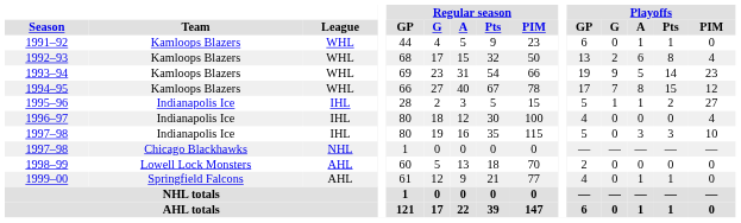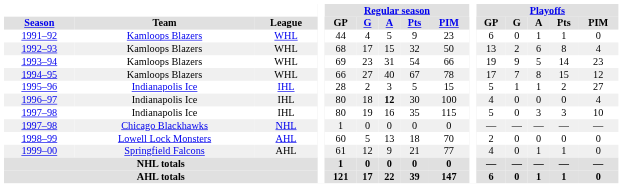 <table border="0" cellpadding="1" cellspacing="0" style="text-align:center; width:60em;">
 <tr bgcolor="#e0e0e0">
 <th colspan="3" bgcolor="#ffffff"> </th>
 <th rowspan="99" bgcolor="#ffffff"> </th>
 <th colspan="5"><a href='#'>Regular season</a></th>
 <th rowspan="99" bgcolor="#ffffff"> </th>
 <th colspan="5"><a href='#'>Playoffs</a></th>
 </tr>
 <tr bgcolor="#e0e0e0">
 <th><a href='#'>Season</a></th>
 <th>Team</th>
 <th>League</th>
 <th>GP</th>
 <th><a href='#'>G</a></th>
 <th><a href='#'>A</a></th>
 <th><a href='#'>Pts</a></th>
 <th><a href='#'>PIM</a></th>
 <th>GP</th>
 <th>G</th>
 <th>A</th>
 <th>Pts</th>
 <th>PIM</th>
 </tr>
 <tr>
 <td><a href='#'>1991–92</a></td>
 <td><a href='#'>Kamloops Blazers</a></td>
 <td><a href='#'>WHL</a></td>
 <td>44</td>
 <td>4</td>
 <td>5</td>
 <td>9</td>
 <td>23</td>
 <td>6</td>
 <td>0</td>
 <td>1</td>
 <td>1</td>
 <td>0</td>
 </tr>
 <tr bgcolor="#f0f0f0">
 <td><a href='#'>1992–93</a></td>
 <td>Kamloops Blazers</td>
 <td>WHL</td>
 <td>68</td>
 <td>17</td>
 <td>15</td>
 <td>32</td>
 <td>50</td>
 <td>13</td>
 <td>2</td>
 <td>6</td>
 <td>8</td>
 <td>4</td>
 </tr>
 <tr>
 <td><a href='#'>1993–94</a></td>
 <td>Kamloops Blazers</td>
 <td>WHL</td>
 <td>69</td>
 <td>23</td>
 <td>31</td>
 <td>54</td>
 <td>66</td>
 <td>19</td>
 <td>9</td>
 <td>5</td>
 <td>14</td>
 <td>23</td>
 </tr>
 <tr bgcolor="#f0f0f0">
 <td><a href='#'>1994–95</a></td>
 <td>Kamloops Blazers</td>
 <td>WHL</td>
 <td>66</td>
 <td>27</td>
 <td>40</td>
 <td>67</td>
 <td>78</td>
 <td>17</td>
 <td>7</td>
 <td>8</td>
 <td>15</td>
 <td>12</td>
 </tr>
 <tr>
 <td><a href='#'>1995–96</a></td>
 <td><a href='#'>Indianapolis Ice</a></td>
 <td><a href='#'>IHL</a></td>
 <td>28</td>
 <td>2</td>
 <td>3</td>
 <td>5</td>
 <td>15</td>
 <td>5</td>
 <td>1</td>
 <td>1</td>
 <td>2</td>
 <td>27</td>
 </tr>
 <tr bgcolor="#f0f0f0">
 <td><a href='#'>1996–97</a></td>
 <td>Indianapolis Ice</td>
 <td>IHL</td>
 <td>80</td>
 <td>18</td>
-<td>12</td>
+<td><strong>12</strong></td>
 <td>30</td>
 <td>100</td>
 <td>4</td>
 <td>0</td>
 <td>0</td>
 <td>0</td>
 <td>4</td>
 </tr>
 <tr>
 <td><a href='#'>1997–98</a></td>
 <td>Indianapolis Ice</td>
 <td>IHL</td>
 <td>80</td>
 <td>19</td>
 <td>16</td>
 <td>35</td>
 <td>115</td>
 <td>5</td>
 <td>0</td>
 <td>3</td>
 <td>3</td>
 <td>10</td>
 </tr>
 <tr bgcolor="#f0f0f0">
 <td><a href='#'>1997–98</a></td>
 <td><a href='#'>Chicago Blackhawks</a></td>
 <td><a href='#'>NHL</a></td>
 <td>1</td>
 <td>0</td>
 <td>0</td>
 <td>0</td>
 <td>0</td>
 <td>—</td>
 <td>—</td>
 <td>—</td>
 <td>—</td>
 <td>—</td>
 </tr>
 <tr>
 <td><a href='#'>1998–99</a></td>
 <td><a href='#'>Lowell Lock Monsters</a></td>
 <td><a href='#'>AHL</a></td>
 <td>60</td>
 <td>5</td>
 <td>13</td>
 <td>18</td>
 <td>70</td>
 <td>2</td>
 <td>0</td>
 <td>0</td>
 <td>0</td>
 <td>0</td>
 </tr>
 <tr bgcolor="#f0f0f0">
 <td><a href='#'>1999–00</a></td>
 <td><a href='#'>Springfield Falcons</a></td>
 <td>AHL</td>
 <td>61</td>
 <td>12</td>
 <td>9</td>
 <td>21</td>
 <td>77</td>
 <td>4</td>
 <td>0</td>
 <td>1</td>
 <td>1</td>
 <td>0</td>
 </tr>
 <tr bgcolor="#e0e0e0">
 <th colspan="3">NHL totals</th>
 <th>1</th>
 <th>0</th>
 <th>0</th>
 <th>0</th>
 <th>0</th>
 <th>—</th>
 <th>—</th>
 <th>—</th>
 <th>—</th>
 <th>—</th>
 </tr>
 <tr bgcolor="#e0e0e0">
 <th colspan="3">AHL totals</th>
 <th>121</th>
 <th>17</th>
 <th>22</th>
 <th>39</th>
 <th>147</th>
 <th>6</th>
 <th>0</th>
 <th>1</th>
 <th>1</th>
 <th>0</th>
 </tr>
 </table>
